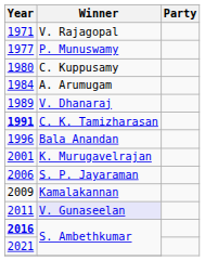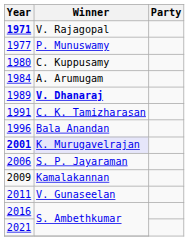 <table class="wikitable sortable">
 <tr>
 <th>Year</th>
 <th>Winner</th>
 <th colspan="2">Party</th>
 </tr>
 <tr>
-<td><a href='#'>1971</a></td>
+<td><strong><a href='#'>1971</a></strong></td>
 <td>V. Rajagopal</td>
 <td></td>
 </tr>
 <tr>
 <td><a href='#'>1977</a></td>
 <td><a href='#'>P. Munuswamy</a></td>
 <td></td>
 </tr>
 <tr>
 <td><a href='#'>1980</a></td>
 <td>C. Kuppusamy</td>
 </tr>
 <tr>
 <td><a href='#'>1984</a></td>
 <td>A. Arumugam</td>
 <td></td>
 </tr>
 <tr>
 <td><a href='#'>1989</a></td>
-<td><a href='#'>V. Dhanaraj</a></td>
+<td><strong><a href='#'>V. Dhanaraj</a></strong></td>
 <td></td>
 </tr>
 <tr>
-<td><strong><a href='#'>1991</a></strong></td>
+<td><a href='#'>1991</a></td>
 <td><a href='#'>C. K. Tamizharasan</a></td>
 <td></td>
 </tr>
 <tr>
 <td><a href='#'>1996</a></td>
 <td><a href='#'>Bala Anandan</a></td>
 <td></td>
 </tr>
 <tr>
-<td><a href='#'>2001</a></td>
-<td><a href='#'>K. Murugavelrajan</a></td>
+<td><strong><a href='#'>2001</a></strong></td>
+<td style="background: lavender;"><a href='#'>K. Murugavelrajan</a></td>
 <td></td>
 </tr>
 <tr>
 <td><a href='#'>2006</a></td>
 <td><a href='#'>S. P. Jayaraman</a></td>
 <td></td>
 </tr>
 <tr>
 <td>2009</td>
 <td><a href='#'>Kamalakannan</a></td>
 </tr>
 <tr>
 <td><a href='#'>2011</a></td>
-<td style="background: lavender;"><a href='#'>V. Gunaseelan</a></td>
+<td><a href='#'>V. Gunaseelan</a></td>
 <td></td>
 </tr>
 <tr>
-<td><strong><a href='#'>2016</a></strong></td>
+<td><a href='#'>2016</a></td>
 <td rowspan=2><a href='#'>S. Ambethkumar</a></td>
 <td></td>
 </tr>
 <tr>
 <td><a href='#'>2021</a></td>
 </tr>
 <tr>
 </tr>
 </table>
